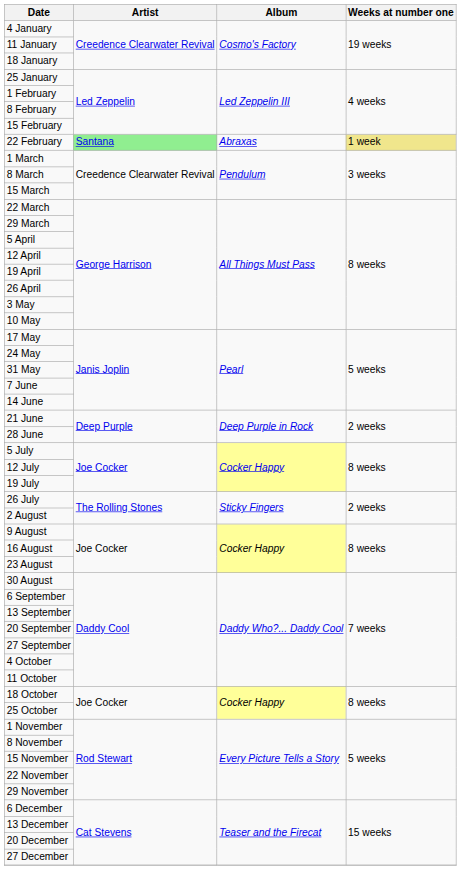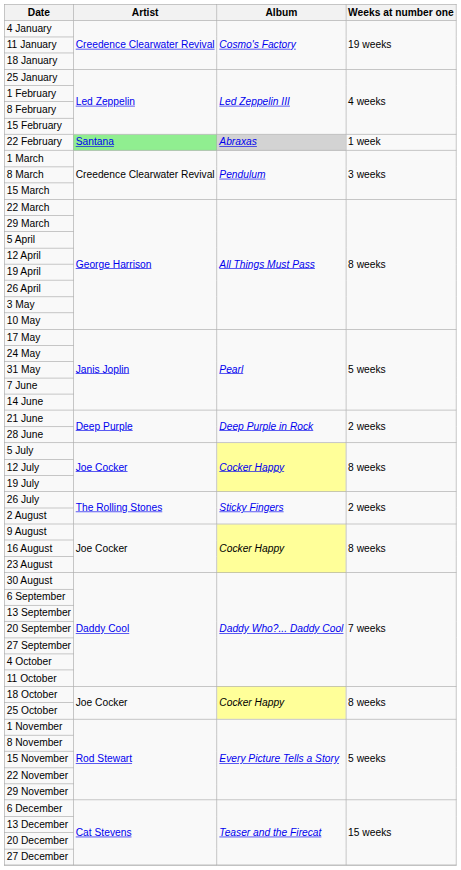 <table class="wikitable">
 <tr>
 <th>Date</th>
 <th>Artist</th>
 <th>Album</th>
 <th>Weeks at number one</th>
 </tr>
 <tr>
 <td>4 January</td>
 <td rowspan="3"><a href='#'>Creedence Clearwater Revival</a></td>
 <td rowspan="3"><em><a href='#'>Cosmo's Factory</a></em></td>
 <td rowspan="3">19 weeks</td>
 </tr>
 <tr>
 <td>11 January</td>
 </tr>
 <tr>
 <td>18 January</td>
 </tr>
 <tr>
 <td>25 January</td>
 <td rowspan="4"><a href='#'>Led Zeppelin</a></td>
 <td rowspan="4"><em><a href='#'>Led Zeppelin III</a></em></td>
 <td rowspan="4">4 weeks</td>
 </tr>
 <tr>
 <td>1 February</td>
 </tr>
 <tr>
 <td>8 February</td>
 </tr>
 <tr>
 <td>15 February</td>
 </tr>
 <tr>
 <td>22 February</td>
 <td style="background: lightgreen;"><a href='#'>Santana</a></td>
-<td><em><a href='#'>Abraxas</a></em></td>
-<td style="background: khaki;">1 week</td>
+<td style="background: lightgrey;"><em><a href='#'>Abraxas</a></em></td>
+<td>1 week</td>
 </tr>
 <tr>
 <td>1 March</td>
 <td rowspan="3">Creedence Clearwater Revival</td>
 <td rowspan="3"><em><a href='#'>Pendulum</a></em></td>
 <td rowspan="3">3 weeks</td>
 </tr>
 <tr>
 <td>8 March</td>
 </tr>
 <tr>
 <td>15 March</td>
 </tr>
 <tr>
 <td>22 March</td>
 <td rowspan="8"><a href='#'>George Harrison</a></td>
 <td rowspan="8"><em><a href='#'>All Things Must Pass</a></em></td>
 <td rowspan="8">8 weeks</td>
 </tr>
 <tr>
 <td>29 March</td>
 </tr>
 <tr>
 <td>5 April</td>
 </tr>
 <tr>
 <td>12 April</td>
 </tr>
 <tr>
 <td>19 April</td>
 </tr>
 <tr>
 <td>26 April</td>
 </tr>
 <tr>
 <td>3 May</td>
 </tr>
 <tr>
 <td>10 May</td>
 </tr>
 <tr>
 <td>17 May</td>
 <td rowspan="5"><a href='#'>Janis Joplin</a></td>
 <td rowspan="5"><em><a href='#'>Pearl</a></em></td>
 <td rowspan="5">5 weeks</td>
 </tr>
 <tr>
 <td>24 May</td>
 </tr>
 <tr>
 <td>31 May</td>
 </tr>
 <tr>
 <td>7 June</td>
 </tr>
 <tr>
 <td>14 June</td>
 </tr>
 <tr>
 <td>21 June</td>
 <td rowspan="2"><a href='#'>Deep Purple</a></td>
 <td rowspan="2"><em><a href='#'>Deep Purple in Rock</a></em></td>
 <td rowspan="2">2 weeks</td>
 </tr>
 <tr>
 <td>28 June</td>
 </tr>
 <tr>
 <td>5 July</td>
 <td rowspan="3"><a href='#'>Joe Cocker</a></td>
 <td bgcolor=#FFFF99 rowspan="3"><em><a href='#'>Cocker Happy</a></em></td>
 <td rowspan="3">8 weeks</td>
 </tr>
 <tr>
 <td>12 July</td>
 </tr>
 <tr>
 <td>19 July</td>
 </tr>
 <tr>
 <td>26 July</td>
 <td rowspan="2"><a href='#'>The Rolling Stones</a></td>
 <td rowspan="2"><em><a href='#'>Sticky Fingers</a></em></td>
 <td rowspan="2">2 weeks</td>
 </tr>
 <tr>
 <td>2 August</td>
 </tr>
 <tr>
 <td>9 August</td>
 <td rowspan="3">Joe Cocker</td>
 <td bgcolor=#FFFF99 rowspan="3"><em>Cocker Happy</em></td>
 <td rowspan="3">8 weeks</td>
 </tr>
 <tr>
 <td>16 August</td>
 </tr>
 <tr>
 <td>23 August</td>
 </tr>
 <tr>
 <td>30 August</td>
 <td rowspan="7"><a href='#'>Daddy Cool</a></td>
 <td rowspan="7"><em><a href='#'>Daddy Who?... Daddy Cool</a></em></td>
 <td rowspan="7">7 weeks</td>
 </tr>
 <tr>
 <td>6 September</td>
 </tr>
 <tr>
 <td>13 September</td>
 </tr>
 <tr>
 <td>20 September</td>
 </tr>
 <tr>
 <td>27 September</td>
 </tr>
 <tr>
 <td>4 October</td>
 </tr>
 <tr>
 <td>11 October</td>
 </tr>
 <tr>
 <td>18 October</td>
 <td rowspan="2">Joe Cocker</td>
 <td bgcolor=#FFFF99 rowspan="2"><em>Cocker Happy</em></td>
 <td rowspan="2">8 weeks</td>
 </tr>
 <tr>
 <td>25 October</td>
 </tr>
 <tr>
 <td>1 November</td>
 <td rowspan="5"><a href='#'>Rod Stewart</a></td>
 <td rowspan="5"><em><a href='#'>Every Picture Tells a Story</a></em></td>
 <td rowspan="5">5 weeks</td>
 </tr>
 <tr>
 <td>8 November</td>
 </tr>
 <tr>
 <td>15 November</td>
 </tr>
 <tr>
 <td>22 November</td>
 </tr>
 <tr>
 <td>29 November</td>
 </tr>
 <tr>
 <td>6 December</td>
 <td rowspan="4"><a href='#'>Cat Stevens</a></td>
 <td rowspan="4"><em><a href='#'>Teaser and the Firecat</a></em></td>
 <td rowspan="4">15 weeks</td>
 </tr>
 <tr>
 <td>13 December</td>
 </tr>
 <tr>
 <td>20 December</td>
 </tr>
 <tr>
 <td>27 December</td>
 </tr>
 <tr>
 </tr>
 </table>
